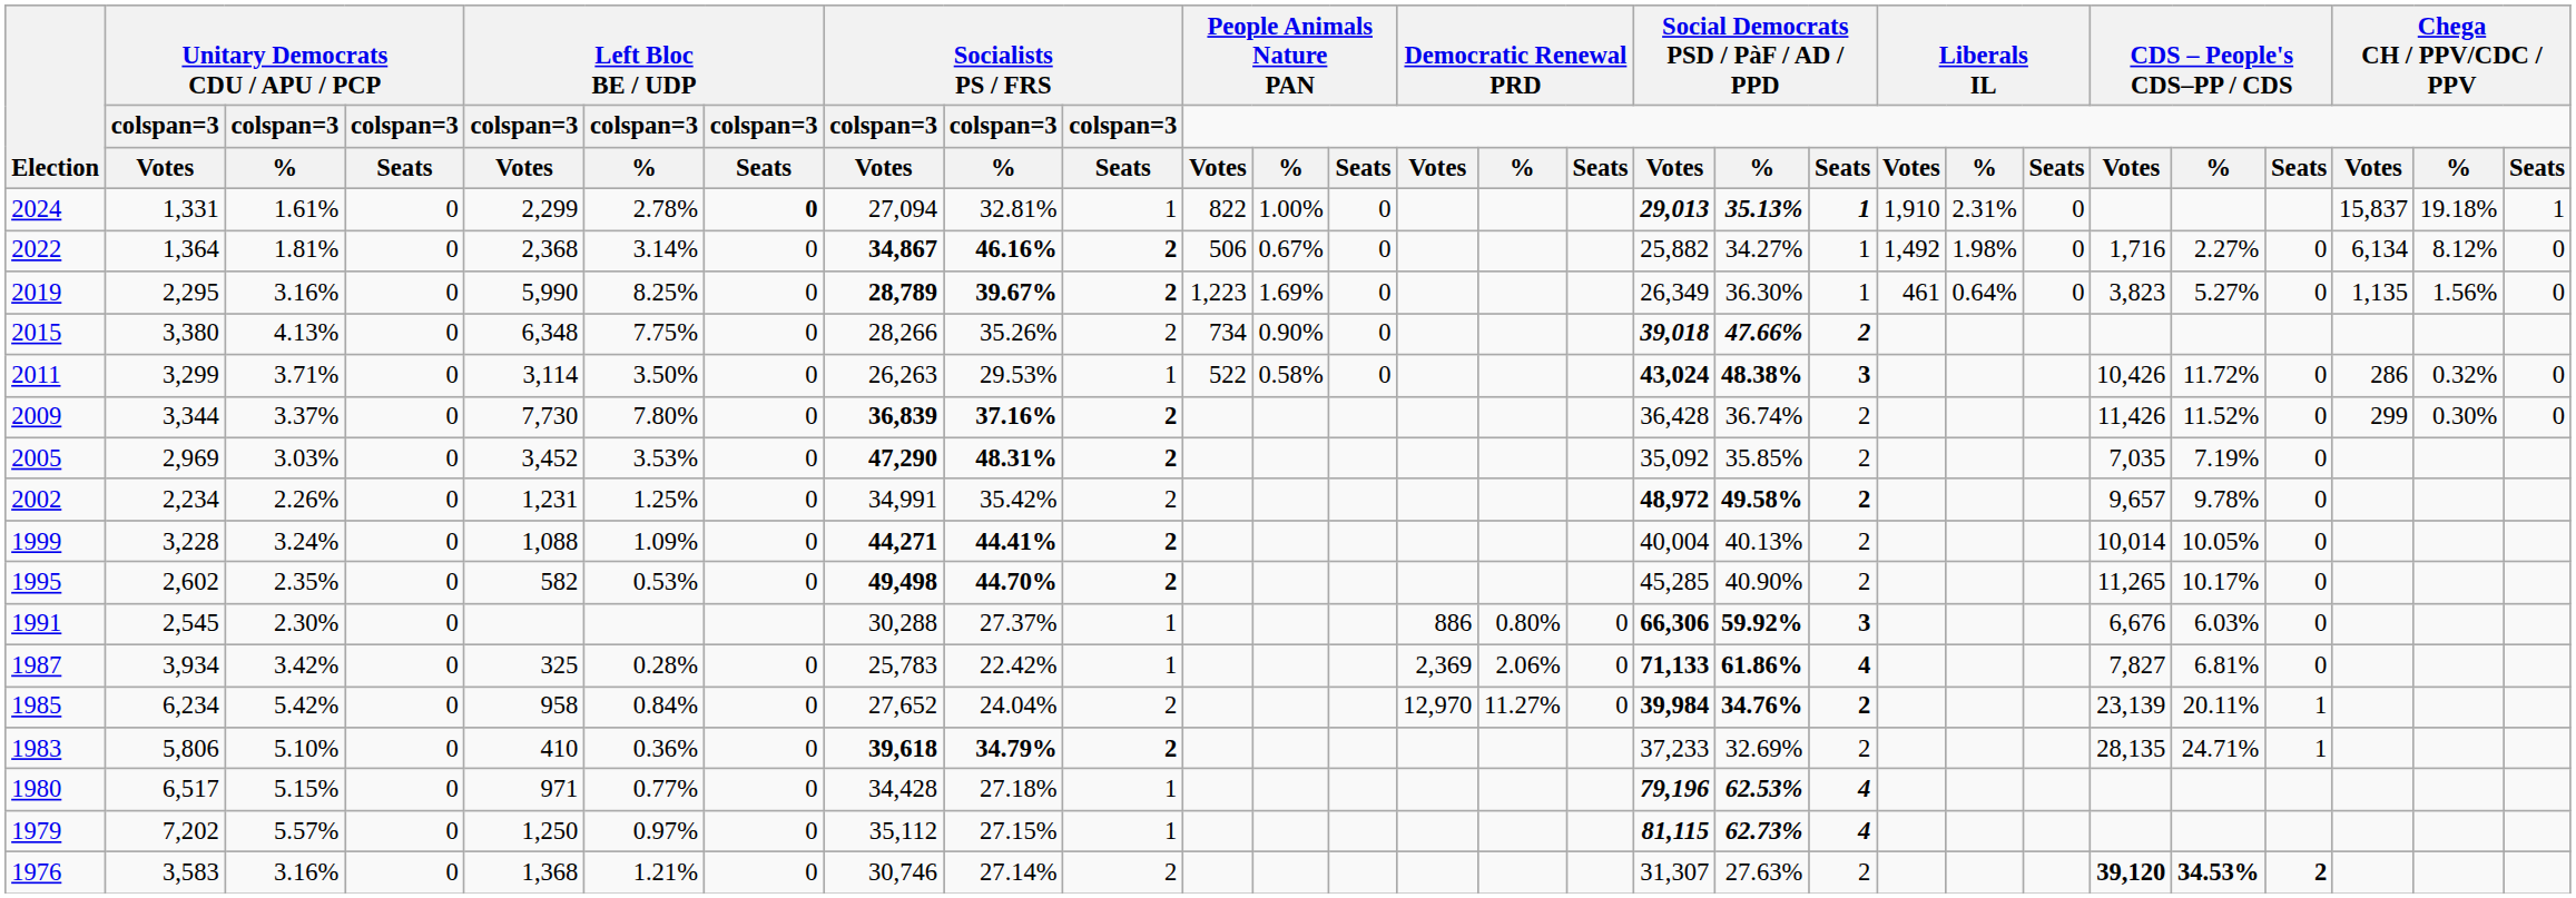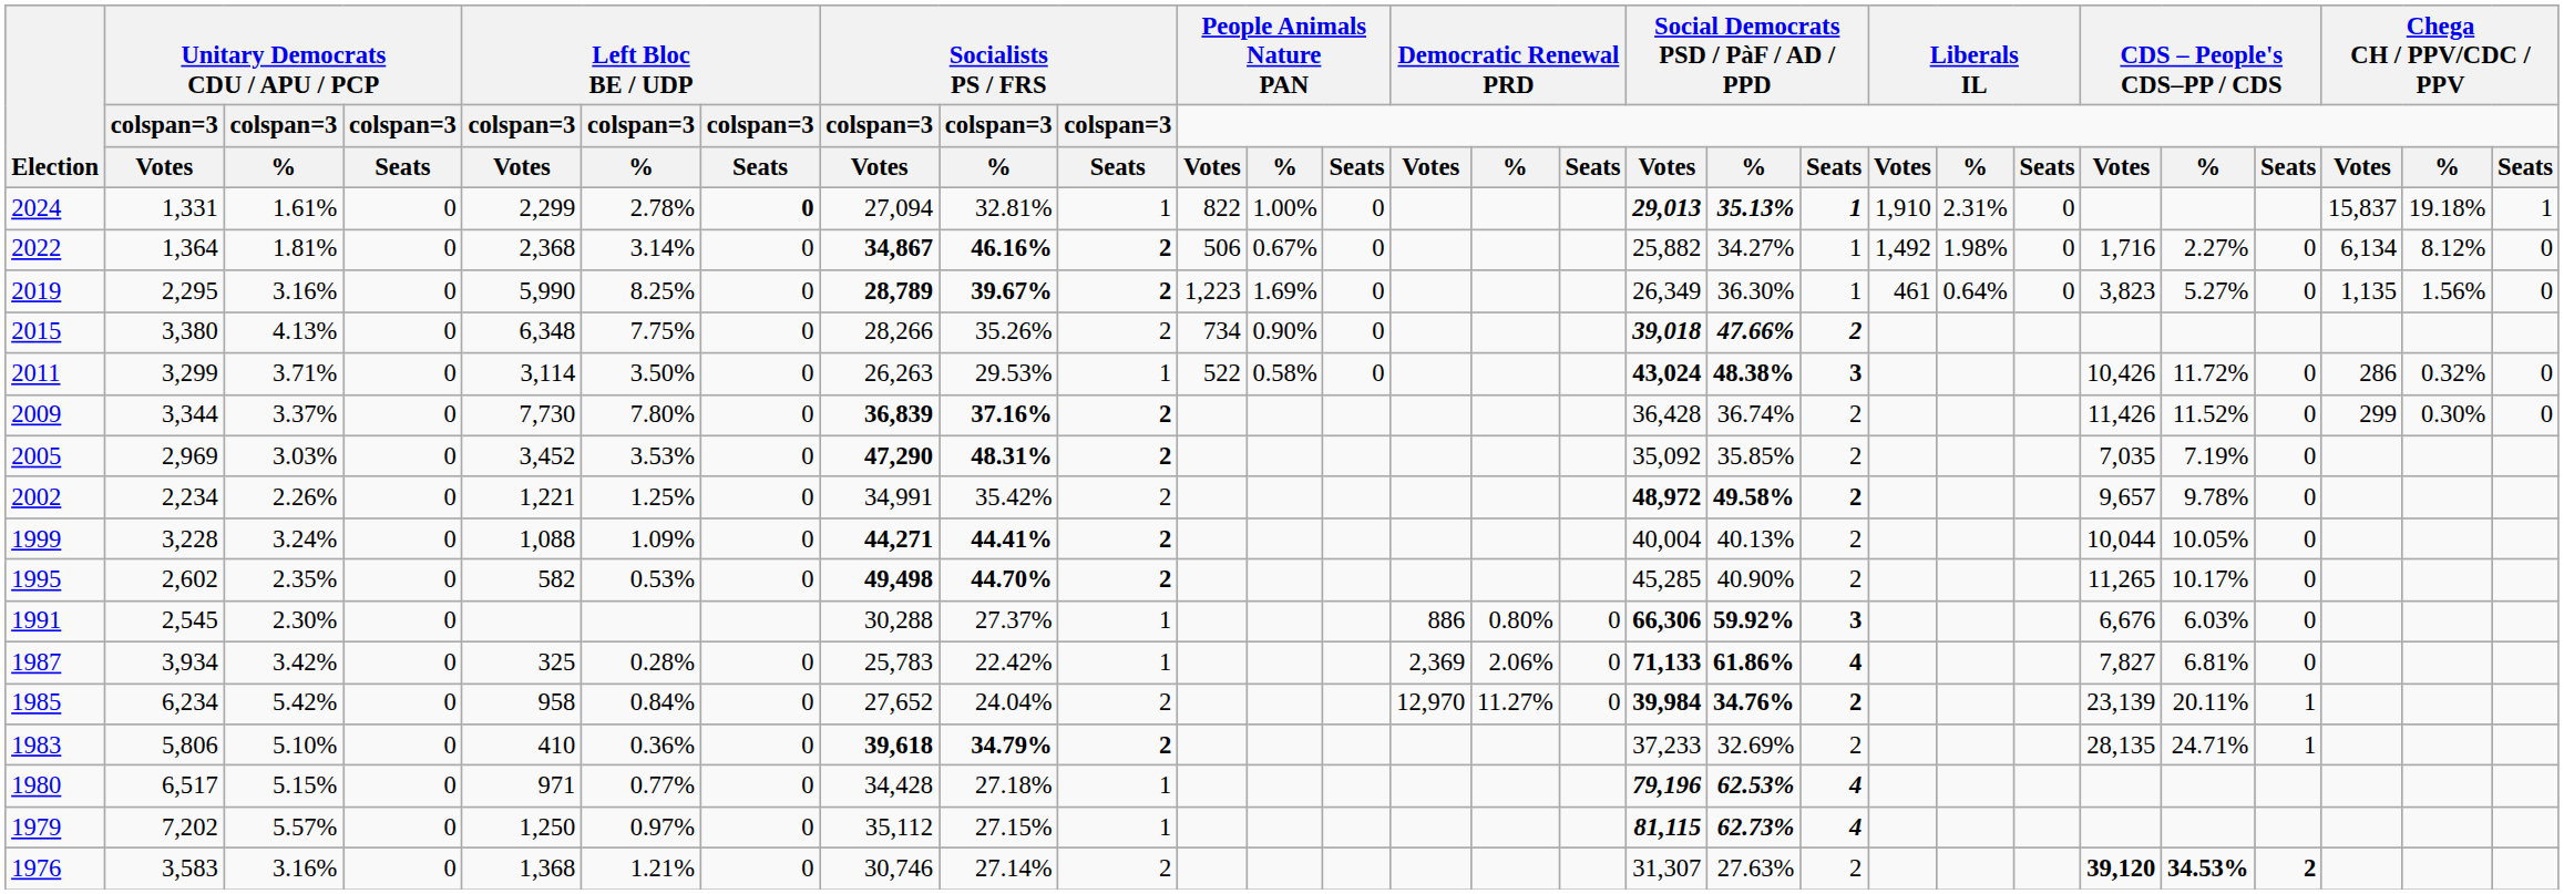 <table class="wikitable" border="1" style="font-size:85%; text-align:right;">
 <tr>
 <th style="text-align:left;" valign=bottom rowspan=3>Election</th>
 <th valign=bottom colspan=3><a href='#'>Unitary Democrats</a><br>CDU / APU / PCP</th>
 <th valign=bottom colspan=3><a href='#'>Left Bloc</a><br>BE / UDP</th>
 <th valign=bottom colspan=3><a href='#'>Socialists</a><br>PS / FRS</th>
 <th valign=bottom colspan=3><a href='#'>People Animals Nature</a><br>PAN</th>
 <th valign=bottom colspan=3><a href='#'>Democratic Renewal</a><br>PRD</th>
 <th valign=bottom colspan=3><a href='#'>Social Democrats</a><br>PSD / PàF / AD / PPD</th>
 <th valign=bottom colspan=3><a href='#'>Liberals</a><br>IL</th>
 <th valign=bottom colspan=3><a href='#'>CDS – People's</a><br>CDS–PP / CDS</th>
 <th valign=bottom colspan=3><a href='#'>Chega</a><br>CH / PPV/CDC / PPV</th>
 </tr>
 <tr>
 <th>colspan=3 </th>
 <th>colspan=3 </th>
 <th>colspan=3 </th>
 <th>colspan=3 </th>
 <th>colspan=3 </th>
 <th>colspan=3 </th>
 <th>colspan=3 </th>
 <th>colspan=3 </th>
 <th>colspan=3 </th>
 </tr>
 <tr>
 <th>Votes</th>
 <th>%</th>
 <th>Seats</th>
 <th>Votes</th>
 <th>%</th>
 <th>Seats</th>
 <th>Votes</th>
 <th>%</th>
 <th>Seats</th>
 <th>Votes</th>
 <th>%</th>
 <th>Seats</th>
 <th>Votes</th>
 <th>%</th>
 <th>Seats</th>
 <th>Votes</th>
 <th>%</th>
 <th>Seats</th>
 <th>Votes</th>
 <th>%</th>
 <th>Seats</th>
 <th>Votes</th>
 <th>%</th>
 <th>Seats</th>
 <th>Votes</th>
 <th>%</th>
 <th>Seats</th>
 </tr>
 <tr>
 <td align=left><a href='#'>2024</a></td>
 <td>1,331</td>
 <td>1.61%</td>
 <td>0</td>
 <td>2,299</td>
 <td>2.78%</td>
 <td><strong>0</strong></td>
 <td>27,094</td>
 <td>32.81%</td>
 <td>1</td>
 <td>822</td>
 <td>1.00%</td>
 <td>0</td>
 <td></td>
 <td></td>
 <td></td>
 <td><strong><em>29,013</em></strong></td>
 <td><strong><em>35.13%</em></strong></td>
 <td><strong><em>1</em></strong></td>
 <td>1,910</td>
 <td>2.31%</td>
 <td>0</td>
 <td></td>
 <td></td>
 <td></td>
 <td>15,837</td>
 <td>19.18%</td>
 <td>1</td>
 </tr>
 <tr>
 <td align=left><a href='#'>2022</a></td>
 <td>1,364</td>
 <td>1.81%</td>
 <td>0</td>
 <td>2,368</td>
 <td>3.14%</td>
 <td>0</td>
 <td><strong>34,867</strong></td>
 <td><strong>46.16%</strong></td>
 <td><strong>2</strong></td>
 <td>506</td>
 <td>0.67%</td>
 <td>0</td>
 <td></td>
 <td></td>
 <td></td>
 <td>25,882</td>
 <td>34.27%</td>
 <td>1</td>
 <td>1,492</td>
 <td>1.98%</td>
 <td>0</td>
 <td>1,716</td>
 <td>2.27%</td>
 <td>0</td>
 <td>6,134</td>
 <td>8.12%</td>
 <td>0</td>
 </tr>
 <tr>
 <td align=left><a href='#'>2019</a></td>
 <td>2,295</td>
 <td>3.16%</td>
 <td>0</td>
 <td>5,990</td>
 <td>8.25%</td>
 <td>0</td>
 <td><strong>28,789</strong></td>
 <td><strong>39.67%</strong></td>
 <td><strong>2</strong></td>
 <td>1,223</td>
 <td>1.69%</td>
 <td>0</td>
 <td></td>
 <td></td>
 <td></td>
 <td>26,349</td>
 <td>36.30%</td>
 <td>1</td>
 <td>461</td>
 <td>0.64%</td>
 <td>0</td>
 <td>3,823</td>
 <td>5.27%</td>
 <td>0</td>
 <td>1,135</td>
 <td>1.56%</td>
 <td>0</td>
 </tr>
 <tr>
 <td align=left><a href='#'>2015</a></td>
 <td>3,380</td>
 <td>4.13%</td>
 <td>0</td>
 <td>6,348</td>
 <td>7.75%</td>
 <td>0</td>
 <td>28,266</td>
 <td>35.26%</td>
 <td>2</td>
 <td>734</td>
 <td>0.90%</td>
 <td>0</td>
 <td></td>
 <td></td>
 <td></td>
 <td><strong><em>39,018</em></strong></td>
 <td><strong><em>47.66%</em></strong></td>
 <td><strong><em>2</em></strong></td>
 <td></td>
 <td></td>
 <td></td>
 <td></td>
 <td></td>
 <td></td>
 <td></td>
 <td></td>
 <td></td>
 </tr>
 <tr>
 <td align=left><a href='#'>2011</a></td>
 <td>3,299</td>
 <td>3.71%</td>
 <td>0</td>
 <td>3,114</td>
 <td>3.50%</td>
 <td>0</td>
 <td>26,263</td>
 <td>29.53%</td>
 <td>1</td>
 <td>522</td>
 <td>0.58%</td>
 <td>0</td>
 <td></td>
 <td></td>
 <td></td>
 <td><strong>43,024</strong></td>
 <td><strong>48.38%</strong></td>
 <td><strong>3</strong></td>
 <td></td>
 <td></td>
 <td></td>
 <td>10,426</td>
 <td>11.72%</td>
 <td>0</td>
 <td>286</td>
 <td>0.32%</td>
 <td>0</td>
 </tr>
 <tr>
 <td align=left><a href='#'>2009</a></td>
 <td>3,344</td>
 <td>3.37%</td>
 <td>0</td>
 <td>7,730</td>
 <td>7.80%</td>
 <td>0</td>
 <td><strong>36,839</strong></td>
 <td><strong>37.16%</strong></td>
 <td><strong>2</strong></td>
 <td></td>
 <td></td>
 <td></td>
 <td></td>
 <td></td>
 <td></td>
 <td>36,428</td>
 <td>36.74%</td>
 <td>2</td>
 <td></td>
 <td></td>
 <td></td>
 <td>11,426</td>
 <td>11.52%</td>
 <td>0</td>
 <td>299</td>
 <td>0.30%</td>
 <td>0</td>
 </tr>
 <tr>
 <td align=left><a href='#'>2005</a></td>
 <td>2,969</td>
 <td>3.03%</td>
 <td>0</td>
 <td>3,452</td>
 <td>3.53%</td>
 <td>0</td>
 <td><strong>47,290</strong></td>
 <td><strong>48.31%</strong></td>
 <td><strong>2</strong></td>
 <td></td>
 <td></td>
 <td></td>
 <td></td>
 <td></td>
 <td></td>
 <td>35,092</td>
 <td>35.85%</td>
 <td>2</td>
 <td></td>
 <td></td>
 <td></td>
 <td>7,035</td>
 <td>7.19%</td>
 <td>0</td>
 <td></td>
 <td></td>
 <td></td>
 </tr>
 <tr>
 <td align=left><a href='#'>2002</a></td>
 <td>2,234</td>
 <td>2.26%</td>
 <td>0</td>
-<td>1,231</td>
+<td>1,221</td>
 <td>1.25%</td>
 <td>0</td>
 <td>34,991</td>
 <td>35.42%</td>
 <td>2</td>
 <td></td>
 <td></td>
 <td></td>
 <td></td>
 <td></td>
 <td></td>
 <td><strong>48,972</strong></td>
 <td><strong>49.58%</strong></td>
 <td><strong>2</strong></td>
 <td></td>
 <td></td>
 <td></td>
 <td>9,657</td>
 <td>9.78%</td>
 <td>0</td>
 <td></td>
 <td></td>
 <td></td>
 </tr>
 <tr>
 <td align=left><a href='#'>1999</a></td>
 <td>3,228</td>
 <td>3.24%</td>
 <td>0</td>
 <td>1,088</td>
 <td>1.09%</td>
 <td>0</td>
 <td><strong>44,271</strong></td>
 <td><strong>44.41%</strong></td>
 <td><strong>2</strong></td>
 <td></td>
 <td></td>
 <td></td>
 <td></td>
 <td></td>
 <td></td>
 <td>40,004</td>
 <td>40.13%</td>
 <td>2</td>
 <td></td>
 <td></td>
 <td></td>
-<td>10,014</td>
+<td>10,044</td>
 <td>10.05%</td>
 <td>0</td>
 <td></td>
 <td></td>
 <td></td>
 </tr>
 <tr>
 <td align=left><a href='#'>1995</a></td>
 <td>2,602</td>
 <td>2.35%</td>
 <td>0</td>
 <td>582</td>
 <td>0.53%</td>
 <td>0</td>
 <td><strong>49,498</strong></td>
 <td><strong>44.70%</strong></td>
 <td><strong>2</strong></td>
 <td></td>
 <td></td>
 <td></td>
 <td></td>
 <td></td>
 <td></td>
 <td>45,285</td>
 <td>40.90%</td>
 <td>2</td>
 <td></td>
 <td></td>
 <td></td>
 <td>11,265</td>
 <td>10.17%</td>
 <td>0</td>
 <td></td>
 <td></td>
 <td></td>
 </tr>
 <tr>
 <td align=left><a href='#'>1991</a></td>
 <td>2,545</td>
 <td>2.30%</td>
 <td>0</td>
 <td></td>
 <td></td>
 <td></td>
 <td>30,288</td>
 <td>27.37%</td>
 <td>1</td>
 <td></td>
 <td></td>
 <td></td>
 <td>886</td>
 <td>0.80%</td>
 <td>0</td>
 <td><strong>66,306</strong></td>
 <td><strong>59.92%</strong></td>
 <td><strong>3</strong></td>
 <td></td>
 <td></td>
 <td></td>
 <td>6,676</td>
 <td>6.03%</td>
 <td>0</td>
 <td></td>
 <td></td>
 <td></td>
 </tr>
 <tr>
 <td align=left><a href='#'>1987</a></td>
 <td>3,934</td>
 <td>3.42%</td>
 <td>0</td>
 <td>325</td>
 <td>0.28%</td>
 <td>0</td>
 <td>25,783</td>
 <td>22.42%</td>
 <td>1</td>
 <td></td>
 <td></td>
 <td></td>
 <td>2,369</td>
 <td>2.06%</td>
 <td>0</td>
 <td><strong>71,133</strong></td>
 <td><strong>61.86%</strong></td>
 <td><strong>4</strong></td>
 <td></td>
 <td></td>
 <td></td>
 <td>7,827</td>
 <td>6.81%</td>
 <td>0</td>
 <td></td>
 <td></td>
 <td></td>
 </tr>
 <tr>
 <td align=left><a href='#'>1985</a></td>
 <td>6,234</td>
 <td>5.42%</td>
 <td>0</td>
 <td>958</td>
 <td>0.84%</td>
 <td>0</td>
 <td>27,652</td>
 <td>24.04%</td>
 <td>2</td>
 <td></td>
 <td></td>
 <td></td>
 <td>12,970</td>
 <td>11.27%</td>
 <td>0</td>
 <td><strong>39,984</strong></td>
 <td><strong>34.76%</strong></td>
 <td><strong>2</strong></td>
 <td></td>
 <td></td>
 <td></td>
 <td>23,139</td>
 <td>20.11%</td>
 <td>1</td>
 <td></td>
 <td></td>
 <td></td>
 </tr>
 <tr>
 <td align=left><a href='#'>1983</a></td>
 <td>5,806</td>
 <td>5.10%</td>
 <td>0</td>
 <td>410</td>
 <td>0.36%</td>
 <td>0</td>
 <td><strong>39,618</strong></td>
 <td><strong>34.79%</strong></td>
 <td><strong>2</strong></td>
 <td></td>
 <td></td>
 <td></td>
 <td></td>
 <td></td>
 <td></td>
 <td>37,233</td>
 <td>32.69%</td>
 <td>2</td>
 <td></td>
 <td></td>
 <td></td>
 <td>28,135</td>
 <td>24.71%</td>
 <td>1</td>
 <td></td>
 <td></td>
 <td></td>
 </tr>
 <tr>
 <td align=left><a href='#'>1980</a></td>
 <td>6,517</td>
 <td>5.15%</td>
 <td>0</td>
 <td>971</td>
 <td>0.77%</td>
 <td>0</td>
 <td>34,428</td>
 <td>27.18%</td>
 <td>1</td>
 <td></td>
 <td></td>
 <td></td>
 <td></td>
 <td></td>
 <td></td>
 <td><strong><em>79,196</em></strong></td>
 <td><strong><em>62.53%</em></strong></td>
 <td><strong><em>4</em></strong></td>
 <td></td>
 <td></td>
 <td></td>
 <td></td>
 <td></td>
 <td></td>
 <td></td>
 <td></td>
 <td></td>
 </tr>
 <tr>
 <td align=left><a href='#'>1979</a></td>
 <td>7,202</td>
 <td>5.57%</td>
 <td>0</td>
 <td>1,250</td>
 <td>0.97%</td>
 <td>0</td>
 <td>35,112</td>
 <td>27.15%</td>
 <td>1</td>
 <td></td>
 <td></td>
 <td></td>
 <td></td>
 <td></td>
 <td></td>
 <td><strong><em>81,115</em></strong></td>
 <td><strong><em>62.73%</em></strong></td>
 <td><strong><em>4</em></strong></td>
 <td></td>
 <td></td>
 <td></td>
 <td></td>
 <td></td>
 <td></td>
 <td></td>
 <td></td>
 <td></td>
 </tr>
 <tr>
 <td align=left><a href='#'>1976</a></td>
 <td>3,583</td>
 <td>3.16%</td>
 <td>0</td>
 <td>1,368</td>
 <td>1.21%</td>
 <td>0</td>
 <td>30,746</td>
 <td>27.14%</td>
 <td>2</td>
 <td></td>
 <td></td>
 <td></td>
 <td></td>
 <td></td>
 <td></td>
 <td>31,307</td>
 <td>27.63%</td>
 <td>2</td>
 <td></td>
 <td></td>
 <td></td>
 <td><strong>39,120</strong></td>
 <td><strong>34.53%</strong></td>
 <td><strong>2</strong></td>
 <td></td>
 <td></td>
 <td></td>
 </tr>
 </table>
